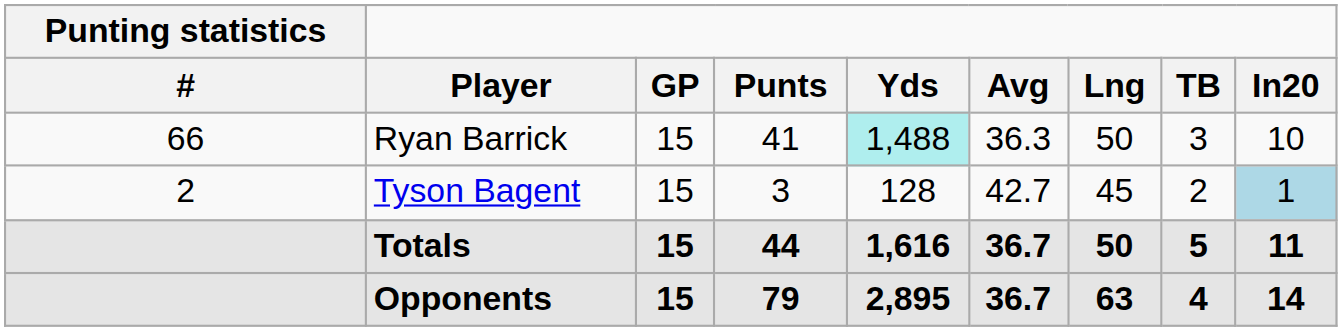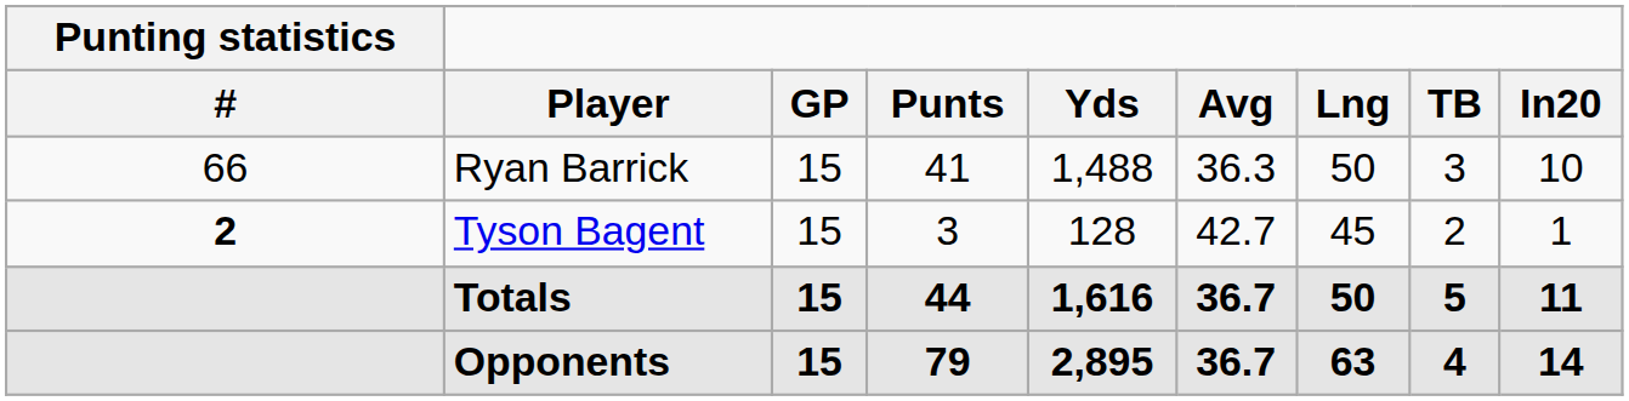 <table style="text-align:center; width:50%;" class="wikitable collapsible collapsed">
 <tr>
 <th style="text-align:center; ">Punting statistics</th>
 </tr>
 <tr>
 <th>#</th>
 <th>Player</th>
 <th>GP</th>
 <th>Punts</th>
 <th>Yds</th>
 <th>Avg</th>
 <th>Lng</th>
 <th>TB</th>
 <th>In20</th>
 </tr>
 <tr>
 <td>66</td>
 <td align="left">Ryan Barrick</td>
 <td>15</td>
 <td>41</td>
-<td style="background: paleturquoise;">1,488</td>
+<td>1,488</td>
 <td>36.3</td>
 <td>50</td>
 <td>3</td>
 <td>10</td>
 </tr>
 <tr>
-<td>2</td>
+<td><strong>2</strong></td>
 <td align="left"><a href='#'>Tyson Bagent</a></td>
 <td>15</td>
 <td>3</td>
 <td>128</td>
 <td>42.7</td>
 <td>45</td>
 <td>2</td>
-<td style="background: lightblue;">1</td>
+<td>1</td>
 </tr>
 <tr style="background:#e5e5e5;">
 <td></td>
 <td align="left"><strong>Totals</strong></td>
 <td><strong>15</strong></td>
 <td><strong>44</strong></td>
 <td><strong>1,616</strong></td>
 <td><strong>36.7</strong></td>
 <td><strong>50</strong></td>
 <td><strong>5</strong></td>
 <td><strong>11</strong></td>
 </tr>
 <tr style="background:#e5e5e5;">
 <td></td>
 <td align="left"><strong>Opponents</strong></td>
 <td><strong>15</strong></td>
 <td><strong>79</strong></td>
 <td><strong>2,895</strong></td>
 <td><strong>36.7</strong></td>
 <td><strong>63</strong></td>
 <td><strong>4</strong></td>
 <td><strong>14</strong></td>
 </tr>
 </table>
